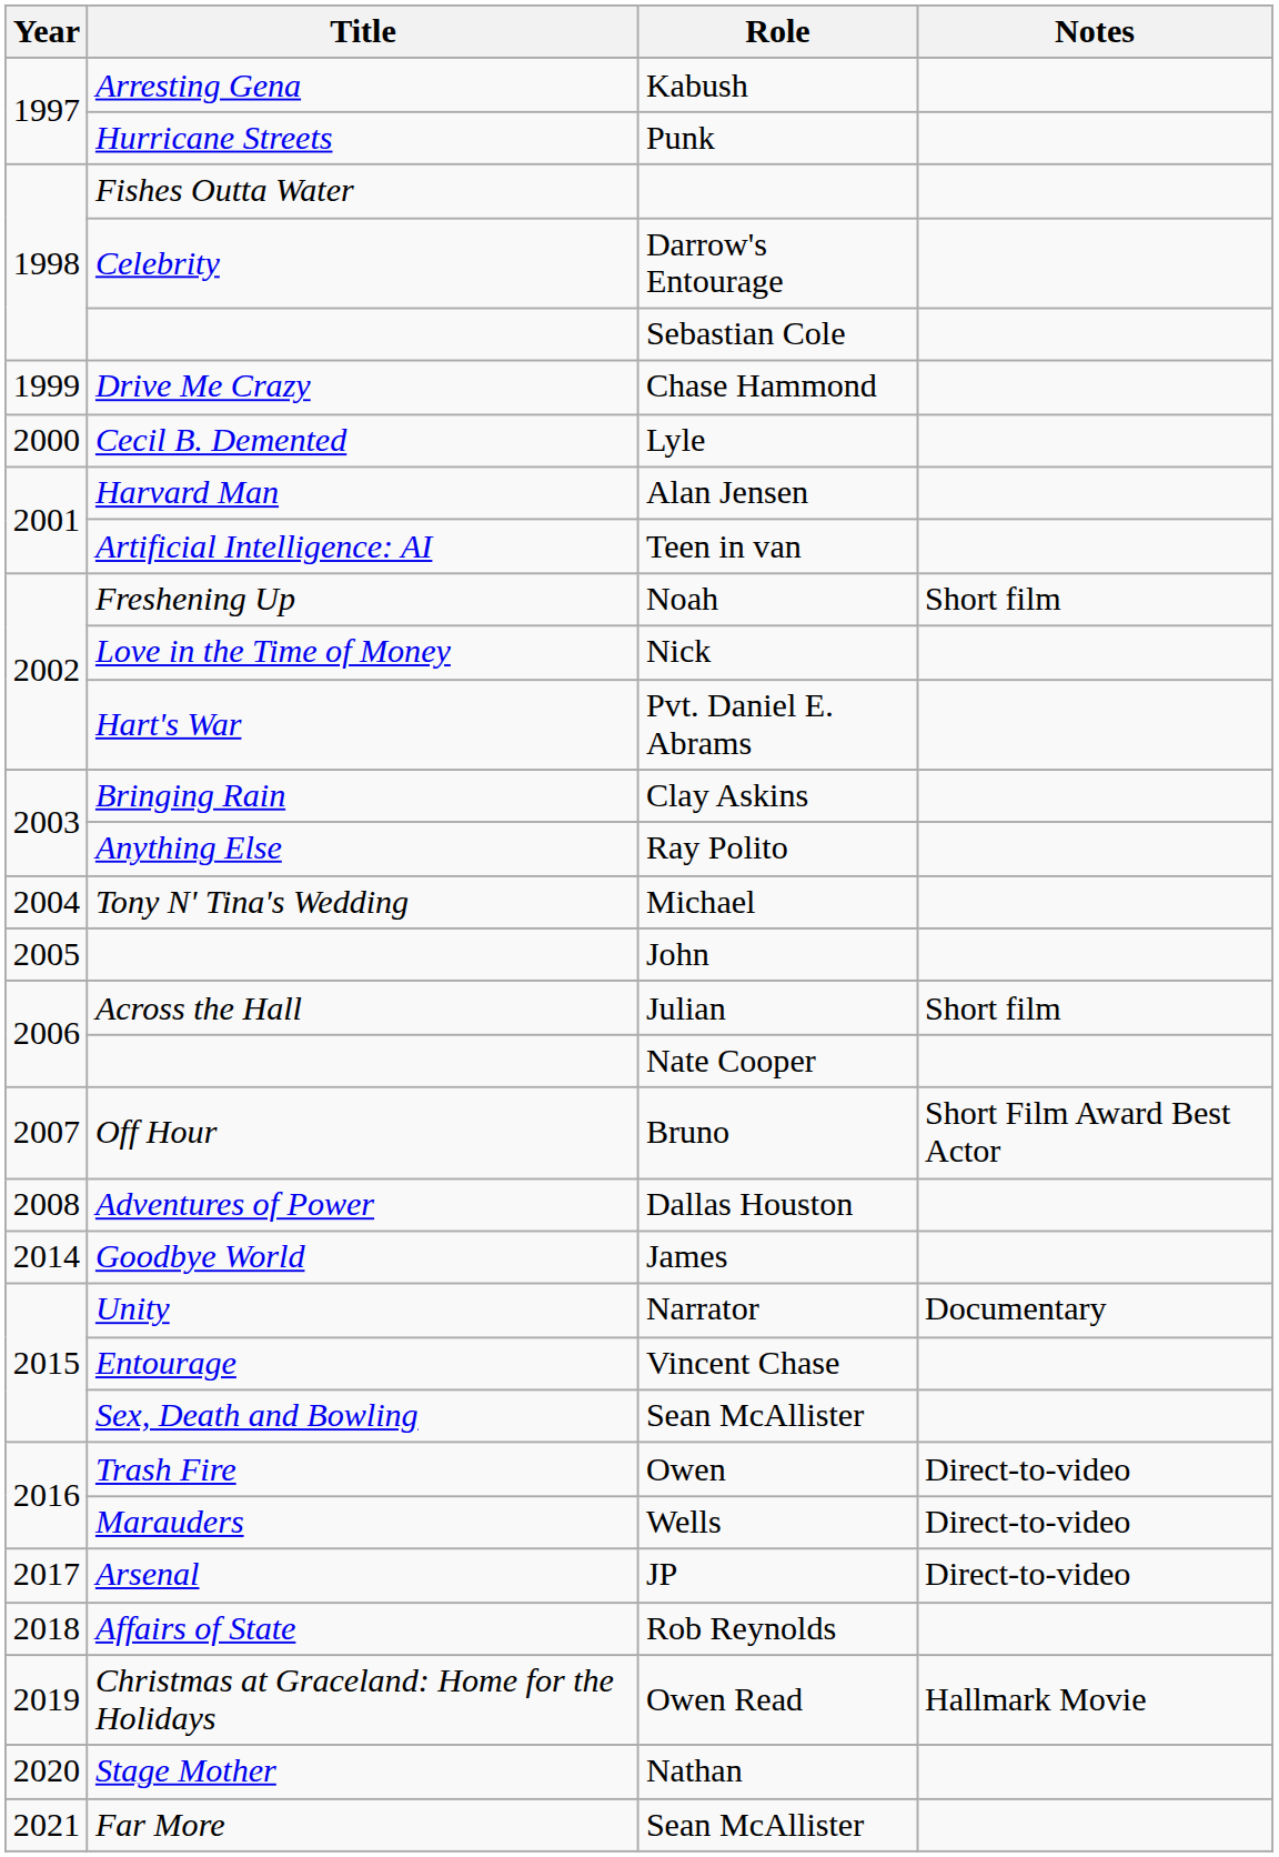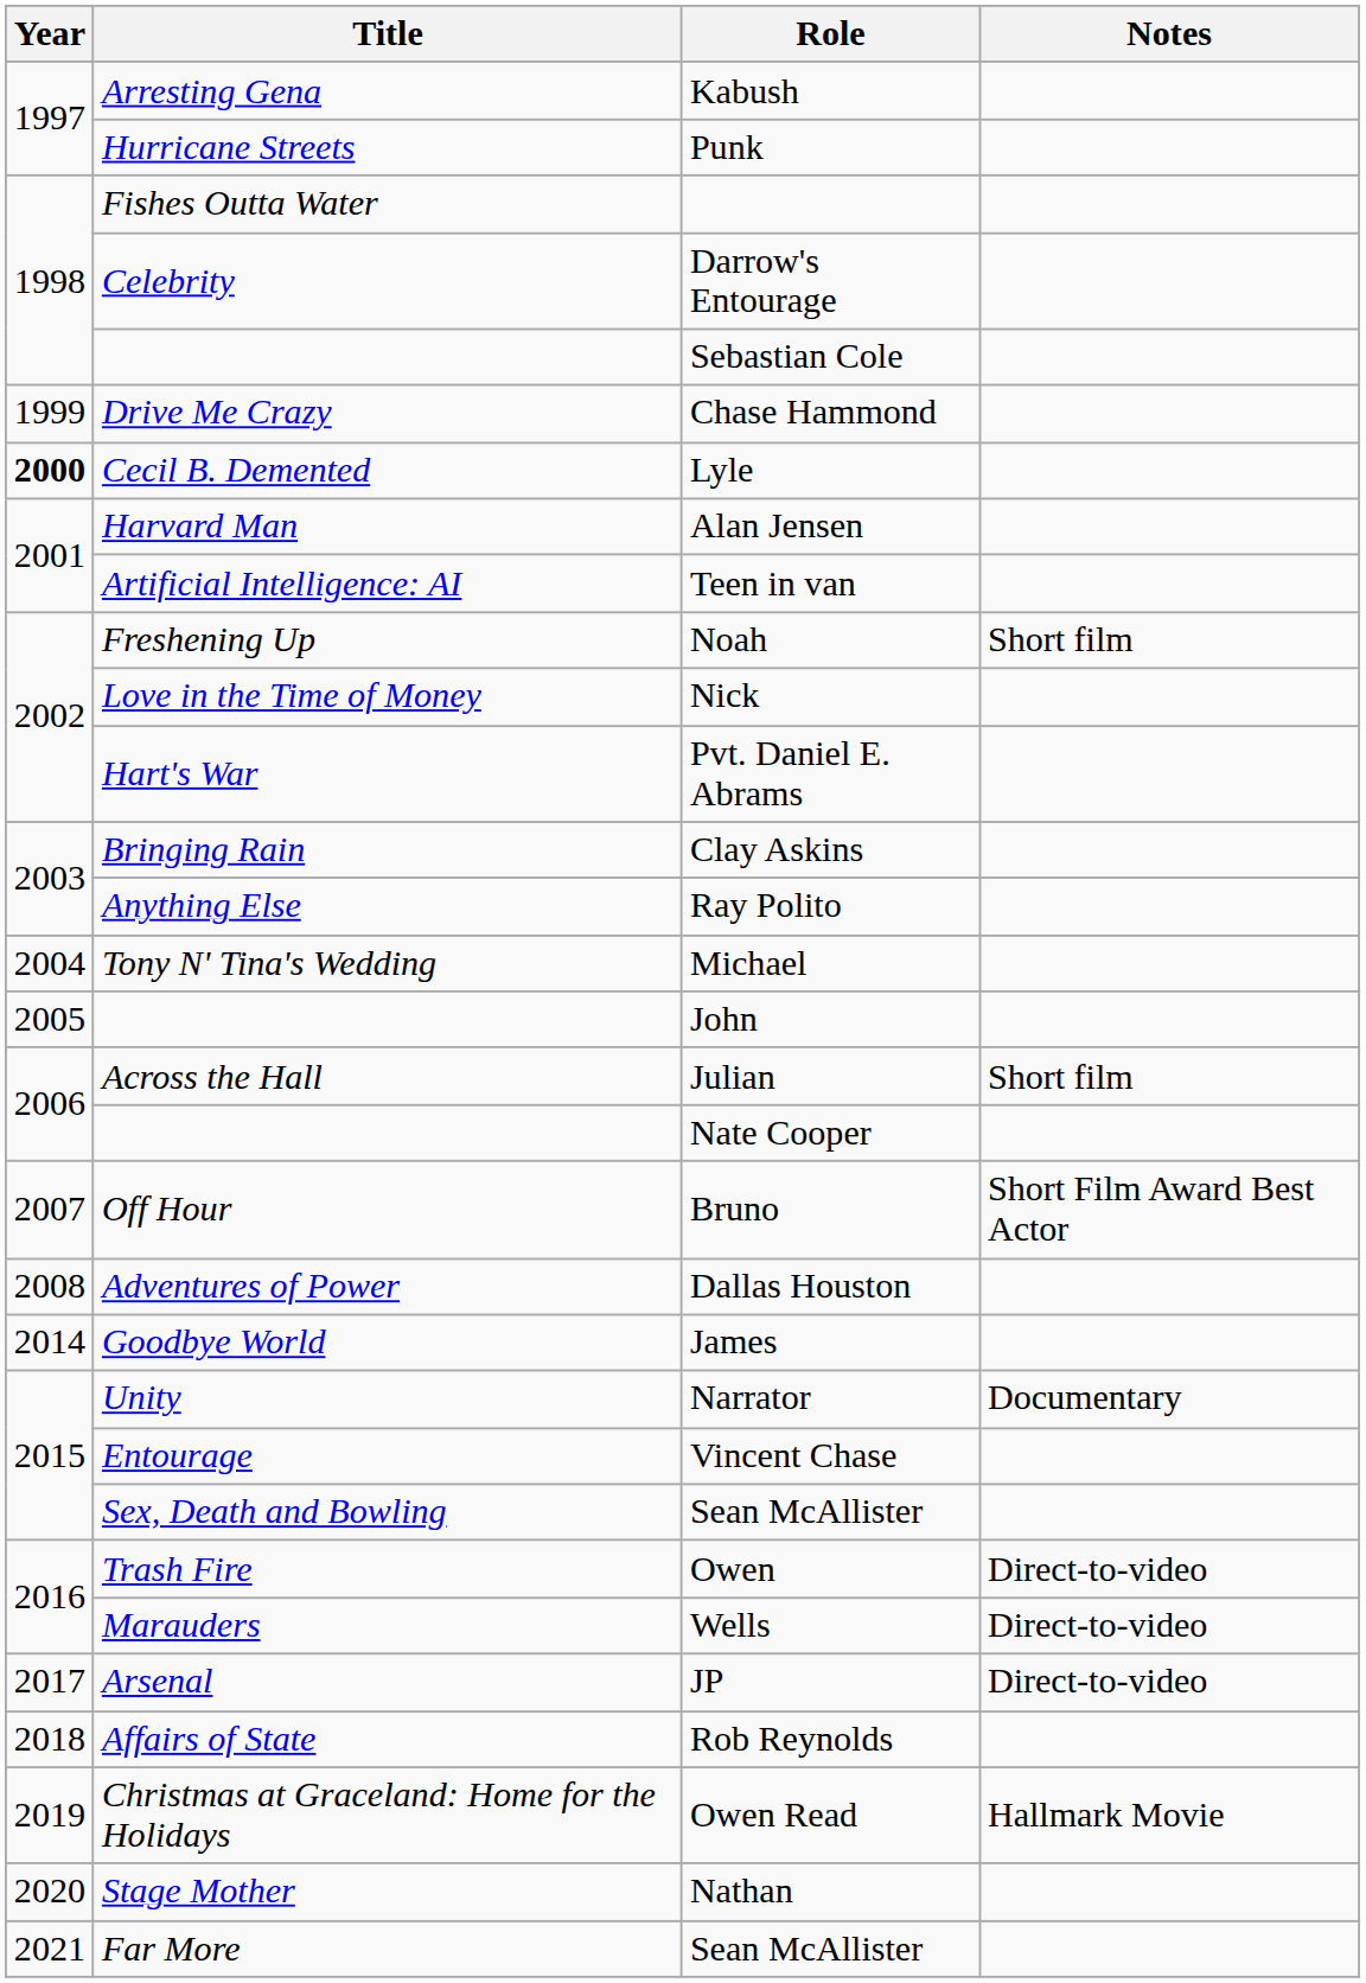 <table class="wikitable sortable">
 <tr>
 <th>Year</th>
 <th>Title</th>
 <th>Role</th>
 <th class="unsortable">Notes</th>
 </tr>
 <tr>
 <td rowspan="2">1997</td>
 <td><em><a href='#'>Arresting Gena</a></em></td>
 <td>Kabush</td>
 <td></td>
 </tr>
 <tr>
 <td><em><a href='#'>Hurricane Streets</a></em></td>
 <td>Punk</td>
 <td></td>
 </tr>
 <tr>
 <td rowspan="3">1998</td>
 <td><em>Fishes Outta Water</em></td>
 <td></td>
 <td></td>
 </tr>
 <tr>
 <td><em><a href='#'>Celebrity</a></em></td>
 <td>Darrow's Entourage</td>
 <td></td>
 </tr>
 <tr>
 <td><em></em></td>
 <td>Sebastian Cole</td>
 <td></td>
 </tr>
 <tr>
 <td>1999</td>
 <td><em><a href='#'>Drive Me Crazy</a></em></td>
 <td>Chase Hammond</td>
 <td></td>
 </tr>
 <tr>
-<td>2000</td>
+<td><strong>2000</strong></td>
 <td><em><a href='#'>Cecil B. Demented</a></em></td>
 <td>Lyle</td>
 <td></td>
 </tr>
 <tr>
 <td rowspan="2">2001</td>
 <td><em><a href='#'>Harvard Man</a></em></td>
 <td>Alan Jensen</td>
 <td></td>
 </tr>
 <tr>
 <td><em><a href='#'>Artificial Intelligence: AI</a></em></td>
 <td>Teen in van</td>
 <td></td>
 </tr>
 <tr>
 <td rowspan="3">2002</td>
 <td><em>Freshening Up</em></td>
 <td>Noah</td>
 <td>Short film</td>
 </tr>
 <tr>
 <td><em><a href='#'>Love in the Time of Money</a></em></td>
 <td>Nick</td>
 <td></td>
 </tr>
 <tr>
 <td><em><a href='#'>Hart's War</a></em></td>
 <td>Pvt. Daniel E. Abrams</td>
 <td></td>
 </tr>
 <tr>
 <td rowspan="2">2003</td>
 <td><em><a href='#'>Bringing Rain</a></em></td>
 <td>Clay Askins</td>
 <td></td>
 </tr>
 <tr>
 <td><em><a href='#'>Anything Else</a></em></td>
 <td>Ray Polito</td>
 <td></td>
 </tr>
 <tr>
 <td>2004</td>
 <td><em>Tony N' Tina's Wedding</em></td>
 <td>Michael</td>
 <td></td>
 </tr>
 <tr>
 <td>2005</td>
 <td><em></em></td>
 <td>John</td>
 <td></td>
 </tr>
 <tr>
 <td rowspan="2">2006</td>
 <td><em>Across the Hall</em></td>
 <td>Julian</td>
 <td>Short film</td>
 </tr>
 <tr>
 <td><em></em></td>
 <td>Nate Cooper</td>
 <td></td>
 </tr>
 <tr>
 <td>2007</td>
 <td><em>Off Hour</em></td>
 <td>Bruno</td>
 <td>Short Film Award Best Actor</td>
 </tr>
 <tr>
 <td>2008</td>
 <td><em><a href='#'>Adventures of Power</a></em></td>
 <td>Dallas Houston</td>
 <td></td>
 </tr>
 <tr>
 <td>2014</td>
 <td><em><a href='#'>Goodbye World</a></em></td>
 <td>James</td>
 <td></td>
 </tr>
 <tr>
 <td rowspan="3">2015</td>
 <td><em><a href='#'>Unity</a></em></td>
 <td>Narrator</td>
 <td>Documentary</td>
 </tr>
 <tr>
 <td><em><a href='#'>Entourage</a></em></td>
 <td>Vincent Chase</td>
 <td></td>
 </tr>
 <tr>
 <td><em><a href='#'>Sex, Death and Bowling</a></em></td>
 <td>Sean McAllister</td>
 <td></td>
 </tr>
 <tr>
 <td rowspan="2">2016</td>
 <td><em><a href='#'>Trash Fire</a></em></td>
 <td>Owen</td>
 <td>Direct-to-video</td>
 </tr>
 <tr>
 <td><em><a href='#'>Marauders</a></em></td>
 <td>Wells</td>
 <td>Direct-to-video</td>
 </tr>
 <tr>
 <td>2017</td>
 <td><em><a href='#'>Arsenal</a></em></td>
 <td>JP</td>
 <td>Direct-to-video</td>
 </tr>
 <tr>
 <td>2018</td>
 <td><em><a href='#'>Affairs of State</a></em></td>
 <td>Rob Reynolds</td>
 <td></td>
 </tr>
 <tr>
 <td>2019</td>
 <td><em>Christmas at Graceland: Home for the Holidays</em></td>
 <td>Owen Read</td>
 <td>Hallmark Movie</td>
 </tr>
 <tr>
 <td>2020</td>
 <td><em><a href='#'>Stage Mother</a></em></td>
 <td>Nathan</td>
 <td></td>
 </tr>
 <tr>
 <td>2021</td>
 <td><em>Far More</em></td>
 <td>Sean McAllister</td>
 <td></td>
 </tr>
 </table>
